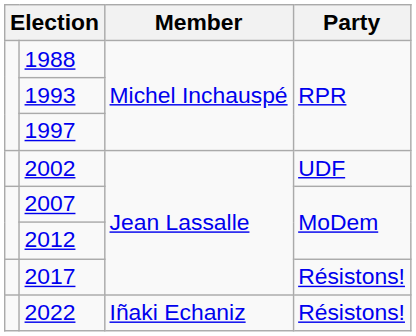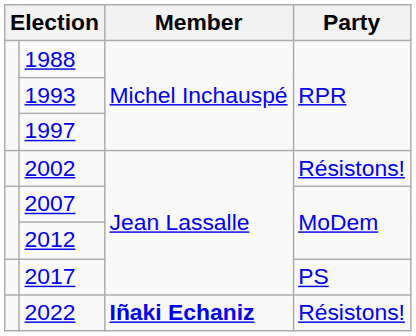 <table class="wikitable">
 <tr>
 <th colspan="2">Election</th>
 <th>Member</th>
 <th>Party</th>
 </tr>
 <tr>
 <td rowspan=3 style="background-color: "></td>
 <td><a href='#'>1988</a></td>
 <td rowspan=3><a href='#'>Michel Inchauspé</a></td>
 <td rowspan=3><a href='#'>RPR</a></td>
 </tr>
 <tr>
 <td><a href='#'>1993</a></td>
 </tr>
 <tr>
 <td><a href='#'>1997</a></td>
 </tr>
 <tr>
 <td style="background-color: "></td>
 <td><a href='#'>2002</a></td>
 <td rowspan=4><a href='#'>Jean Lassalle</a></td>
-<td><a href='#'>UDF</a></td>
+<td><a href='#'>Résistons!</a></td>
 </tr>
 <tr>
 <td rowspan=2 style="background-color: "></td>
 <td><a href='#'>2007</a></td>
 <td rowspan=2><a href='#'>MoDem</a></td>
 </tr>
 <tr>
 <td><a href='#'>2012</a></td>
 </tr>
 <tr>
 <td style="background-color: "></td>
 <td><a href='#'>2017</a></td>
-<td><a href='#'>Résistons!</a></td>
+<td><a href='#'>PS</a></td>
 </tr>
 <tr>
 <td style="background-color: "></td>
 <td><a href='#'>2022</a></td>
-<td><a href='#'>Iñaki Echaniz</a></td>
+<td><strong><a href='#'>Iñaki Echaniz</a></strong></td>
 <td><a href='#'>Résistons!</a></td>
 </tr>
 </table>
